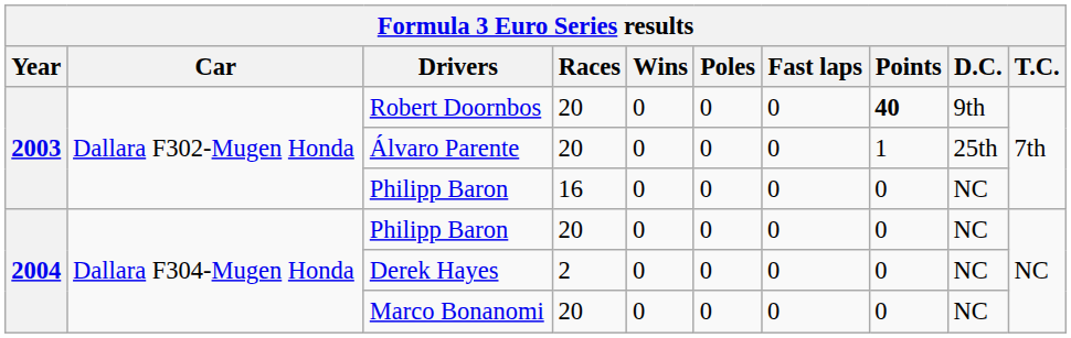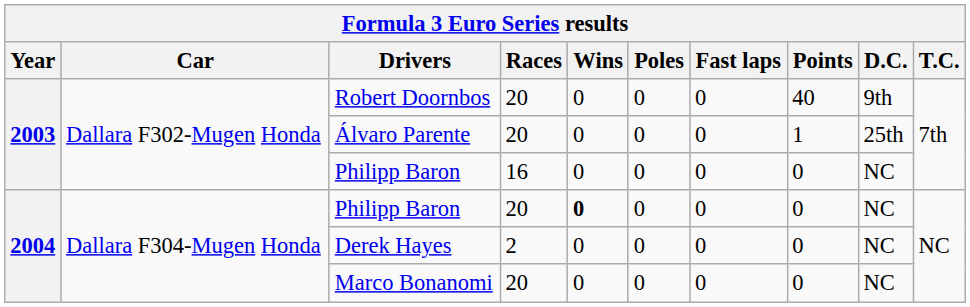 <table class="wikitable collapsible collapsed" style="font-size:95%; width:650px">
 <tr>
 <th colspan=10><a href='#'>Formula 3 Euro Series</a> results</th>
 </tr>
 <tr>
 <th>Year</th>
 <th>Car</th>
 <th>Drivers</th>
 <th>Races</th>
 <th>Wins</th>
 <th>Poles</th>
 <th>Fast laps</th>
 <th>Points</th>
 <th>D.C.</th>
 <th>T.C.</th>
 </tr>
 <tr>
 <th rowspan=3><a href='#'>2003</a></th>
 <td rowspan=3><a href='#'>Dallara</a> F302-<a href='#'>Mugen</a> <a href='#'>Honda</a></td>
 <td> <a href='#'>Robert Doornbos</a></td>
 <td>20</td>
 <td>0</td>
 <td>0</td>
 <td>0</td>
-<td><strong>40</strong></td>
+<td>40</td>
 <td>9th</td>
 <td rowspan=3>7th</td>
 </tr>
 <tr>
 <td> <a href='#'>Álvaro Parente</a></td>
 <td>20</td>
 <td>0</td>
 <td>0</td>
 <td>0</td>
 <td>1</td>
 <td>25th</td>
 </tr>
 <tr>
 <td> <a href='#'>Philipp Baron</a></td>
 <td>16</td>
 <td>0</td>
 <td>0</td>
 <td>0</td>
 <td>0</td>
 <td>NC</td>
 </tr>
 <tr>
 <th rowspan=3><a href='#'>2004</a></th>
 <td rowspan=3><a href='#'>Dallara</a> F304-<a href='#'>Mugen</a> <a href='#'>Honda</a></td>
 <td> <a href='#'>Philipp Baron</a></td>
 <td>20</td>
-<td>0</td>
+<td><strong>0</strong></td>
 <td>0</td>
 <td>0</td>
 <td>0</td>
 <td>NC</td>
 <td rowspan=3>NC</td>
 </tr>
 <tr>
 <td> <a href='#'>Derek Hayes</a></td>
 <td>2</td>
 <td>0</td>
 <td>0</td>
 <td>0</td>
 <td>0</td>
 <td>NC</td>
 </tr>
 <tr>
 <td> <a href='#'>Marco Bonanomi</a></td>
 <td>20</td>
 <td>0</td>
 <td>0</td>
 <td>0</td>
 <td>0</td>
 <td>NC</td>
 </tr>
 </table>
